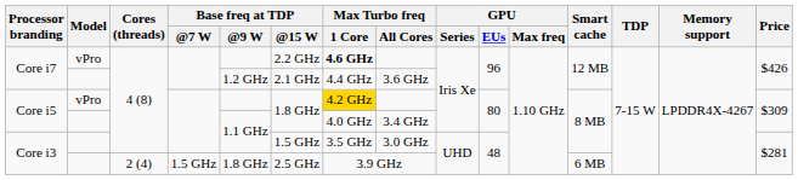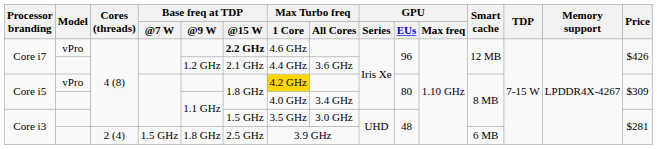 <table class="wikitable sortable" style="text-align: center;">
 <tr>
 <th rowspan="2">Processor<br>branding</th>
 <th rowspan="2">Model</th>
 <th rowspan="2">Cores<br>(threads)</th>
 <th colspan="3">Base freq at TDP</th>
 <th colspan="2">Max Turbo freq</th>
 <th colspan="3">GPU</th>
 <th rowspan="2">Smart<br>cache</th>
 <th rowspan="2">TDP</th>
 <th rowspan="2">Memory<br>support</th>
 <th rowspan="2">Price</th>
 </tr>
 <tr style="line-height:110%;">
 <th>@7 W</th>
 <th>@9 W</th>
 <th>@15 W</th>
 <th>1 Core</th>
 <th>All Cores</th>
 <th>Series</th>
 <th><a href='#'>EUs</a></th>
 <th>Max freq</th>
 </tr>
 <tr>
 <td rowspan="2">Core i7</td>
 <td> vPro</td>
 <td rowspan="5">4 (8)</td>
 <td rowspan="2"></td>
 <td></td>
-<td>2.2 GHz</td>
-<td><strong>4.6 GHz</strong></td>
+<td><strong>2.2 GHz</strong></td>
+<td>4.6 GHz</td>
 <td></td>
 <td rowspan="4">Iris Xe</td>
 <td rowspan="2">96</td>
 <td rowspan="6">1.10 GHz</td>
 <td rowspan="2">12 MB</td>
 <td rowspan="6">7-15 W</td>
 <td rowspan="6">LPDDR4X-4267</td>
 <td rowspan="2">$426</td>
 </tr>
 <tr>
 <td></td>
 <td>1.2 GHz</td>
 <td>2.1 GHz</td>
 <td>4.4 GHz</td>
 <td>3.6 GHz</td>
 </tr>
 <tr>
 <td rowspan="2">Core i5</td>
 <td> vPro</td>
 <td rowspan="3"></td>
 <td></td>
 <td rowspan="2">1.8 GHz</td>
 <td style="background: gold;">4.2 GHz</td>
 <td></td>
 <td rowspan="2">80</td>
 <td rowspan="3">8 MB</td>
 <td rowspan="2">$309</td>
 </tr>
 <tr>
 <td></td>
 <td rowspan="2">1.1 GHz</td>
 <td>4.0 GHz</td>
 <td>3.4 GHz</td>
 </tr>
 <tr>
 <td rowspan="2">Core i3</td>
 <td></td>
 <td>1.5 GHz</td>
 <td>3.5 GHz</td>
 <td>3.0 GHz</td>
 <td rowspan="2">UHD</td>
 <td rowspan="2">48</td>
 <td rowspan="2">$281</td>
 </tr>
 <tr>
 <td></td>
 <td>2 (4)</td>
 <td>1.5 GHz</td>
 <td>1.8 GHz</td>
 <td>2.5 GHz</td>
 <td colspan="2">3.9 GHz</td>
 <td>6 MB</td>
 </tr>
 </table>
